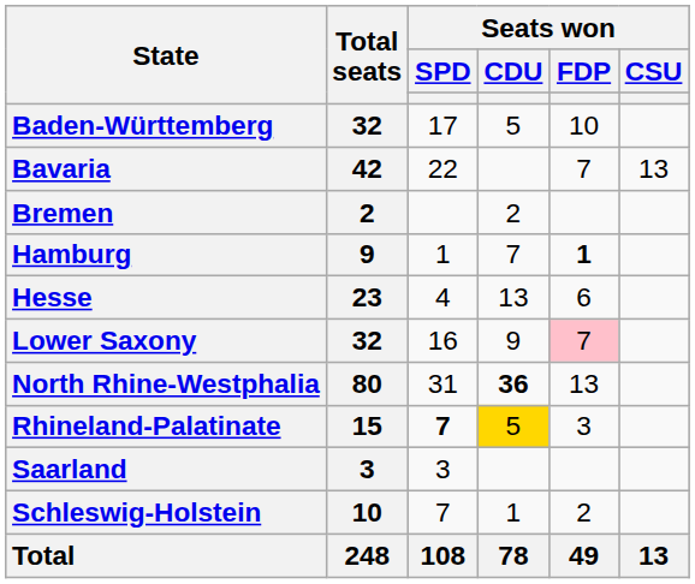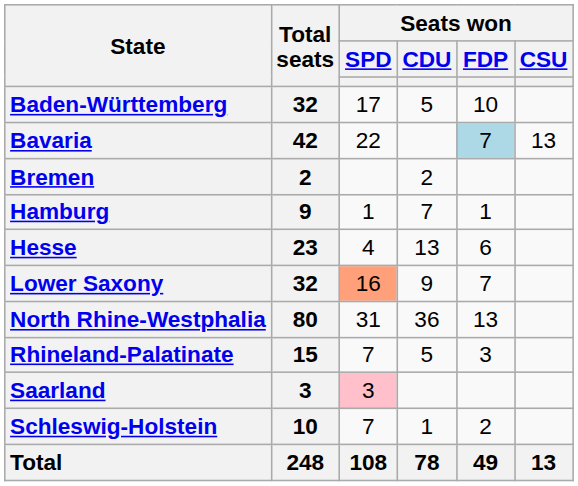 <table class="wikitable" style="text-align:center; font-size: 0.9em;">
 <tr>
 <th rowspan="3">State</th>
 <th rowspan="3">Total<br>seats</th>
 <th colspan="4">Seats won</th>
 </tr>
 <tr>
 <th class="unsortable" style="width:30px;"><a href='#'>SPD</a></th>
 <th class="unsortable" style="width:30px;"><a href='#'>CDU</a></th>
 <th class="unsortable" style="width:30px;"><a href='#'>FDP</a></th>
 <th class="unsortable" style="width:30px;"><a href='#'>CSU</a></th>
 </tr>
 <tr>
 <th style="background:"></th>
 <th style="background:"></th>
 <th style="background:"></th>
 <th style="background:"></th>
 </tr>
 <tr>
 <th style="text-align: left;"><a href='#'>Baden-Württemberg</a></th>
 <th>32</th>
 <td>17</td>
 <td>5</td>
 <td>10</td>
 <td></td>
 </tr>
 <tr>
 <th style="text-align: left;"><a href='#'>Bavaria</a></th>
 <th>42</th>
 <td>22</td>
 <td></td>
-<td>7</td>
+<td style="background: lightblue;">7</td>
 <td>13</td>
 </tr>
 <tr>
 <th style="text-align: left;"><a href='#'>Bremen</a></th>
 <th>2</th>
 <td></td>
 <td>2</td>
 <td></td>
 <td></td>
 </tr>
 <tr>
 <th style="text-align: left;"><a href='#'>Hamburg</a></th>
 <th>9</th>
 <td>1</td>
 <td>7</td>
-<td><strong>1</strong></td>
+<td>1</td>
 <td></td>
 </tr>
 <tr>
 <th style="text-align: left;"><a href='#'>Hesse</a></th>
 <th>23</th>
 <td>4</td>
 <td>13</td>
 <td>6</td>
 <td></td>
 </tr>
 <tr>
 <th style="text-align: left;"><a href='#'>Lower Saxony</a></th>
 <th>32</th>
-<td>16</td>
+<td style="background: lightsalmon;">16</td>
 <td>9</td>
-<td style="background: pink;">7</td>
+<td>7</td>
 <td></td>
 </tr>
 <tr>
 <th style="text-align: left;"><a href='#'>North Rhine-Westphalia</a></th>
 <th>80</th>
 <td>31</td>
-<td><strong>36</strong></td>
+<td>36</td>
 <td>13</td>
 <td></td>
 </tr>
 <tr>
 <th style="text-align: left;"><a href='#'>Rhineland-Palatinate</a></th>
 <th>15</th>
-<td><strong>7</strong></td>
-<td style="background: gold;">5</td>
+<td>7</td>
+<td>5</td>
 <td>3</td>
 <td></td>
 </tr>
 <tr>
 <th style="text-align: left;"><a href='#'>Saarland</a></th>
 <th>3</th>
-<td>3</td>
+<td style="background: pink;">3</td>
 <td></td>
 <td></td>
 <td></td>
 </tr>
 <tr>
 <th style="text-align: left;"><a href='#'>Schleswig-Holstein</a></th>
 <th>10</th>
 <td>7</td>
 <td>1</td>
 <td>2</td>
 <td></td>
 </tr>
 <tr class="sortbottom">
 <th style="text-align: left;">Total</th>
 <th>248</th>
 <th>108</th>
 <th>78</th>
 <th>49</th>
 <th>13</th>
 </tr>
 </table>
